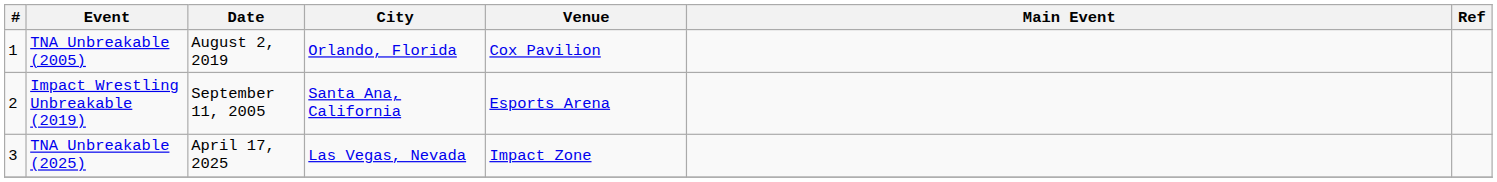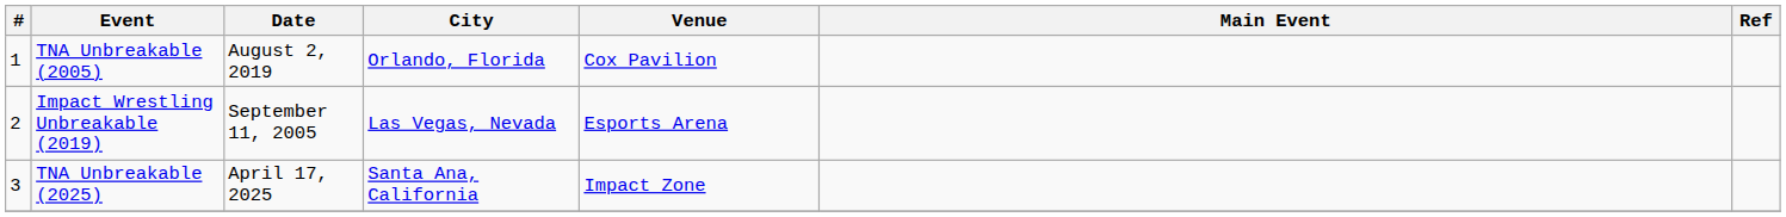 <table class="wikitable sortable" align="center">
 <tr>
 <th width="1%">#</th>
 <th width="8%">Event</th>
 <th width="5%">Date</th>
 <th width="9%">City</th>
 <th width="10%">Venue</th>
 <th width="38%">Main Event</th>
 <th width="1%">Ref</th>
 </tr>
 <tr>
 <td>1</td>
 <td><a href='#'>TNA Unbreakable (2005)</a></td>
 <td>August 2, 2019</td>
 <td><a href='#'>Orlando, Florida</a></td>
 <td><a href='#'>Cox Pavilion</a></td>
 <td></td>
 <td></td>
 </tr>
 <tr>
 <td>2</td>
 <td><a href='#'>Impact Wrestling Unbreakable (2019)</a></td>
 <td>September 11, 2005</td>
-<td><a href='#'>Santa Ana, California</a></td>
+<td><a href='#'>Las Vegas, Nevada</a></td>
 <td><a href='#'>Esports Arena</a></td>
 <td></td>
 <td></td>
 </tr>
 <tr>
 <td>3</td>
 <td><a href='#'>TNA Unbreakable (2025)</a></td>
 <td>April 17, 2025</td>
-<td><a href='#'>Las Vegas, Nevada</a></td>
+<td><a href='#'>Santa Ana, California</a></td>
 <td><a href='#'>Impact Zone</a></td>
 <td></td>
 <td></td>
 </tr>
 <tr>
 </tr>
 </table>
